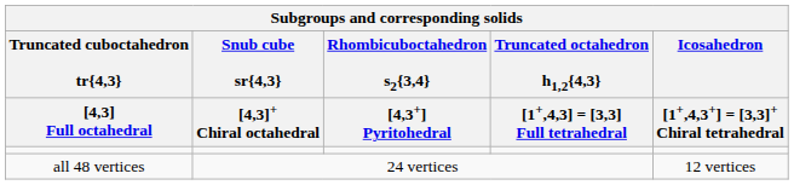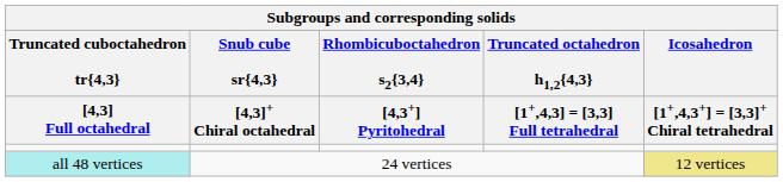 <table class="wikitable collapsible" style="text-align: center;">
 <tr>
 <th colspan="5">Subgroups and corresponding solids</th>
 </tr>
 <tr valign=top>
 <th>Truncated cuboctahedron<br><br>tr{4,3}</th>
 <th><a href='#'>Snub cube</a><br><br>sr{4,3}</th>
 <th><a href='#'>Rhombicuboctahedron</a><br><br>s<sub>2</sub>{3,4}</th>
 <th><a href='#'>Truncated octahedron</a><br><br>h<sub>1,2</sub>{4,3}</th>
 <th><a href='#'>Icosahedron</a><br></th>
 </tr>
 <tr>
 <th>[4,3]<br><a href='#'>Full octahedral</a></th>
 <th>[4,3]<sup>+</sup><br>Chiral octahedral</th>
 <th>[4,3<sup>+</sup>]<br><a href='#'>Pyritohedral</a></th>
 <th>[1<sup>+</sup>,4,3] = [3,3]<br><a href='#'>Full tetrahedral</a></th>
 <th>[1<sup>+</sup>,4,3<sup>+</sup>] = [3,3]<sup>+</sup><br>Chiral tetrahedral</th>
 </tr>
 <tr>
 <td></td>
 <td></td>
 <td></td>
 <td></td>
 <td></td>
 </tr>
 <tr>
-<td>all 48 vertices</td>
+<td style="background: paleturquoise;">all 48 vertices</td>
 <td colspan="3">24 vertices</td>
-<td>12 vertices</td>
+<td style="background: khaki;">12 vertices</td>
 </tr>
 </table>
